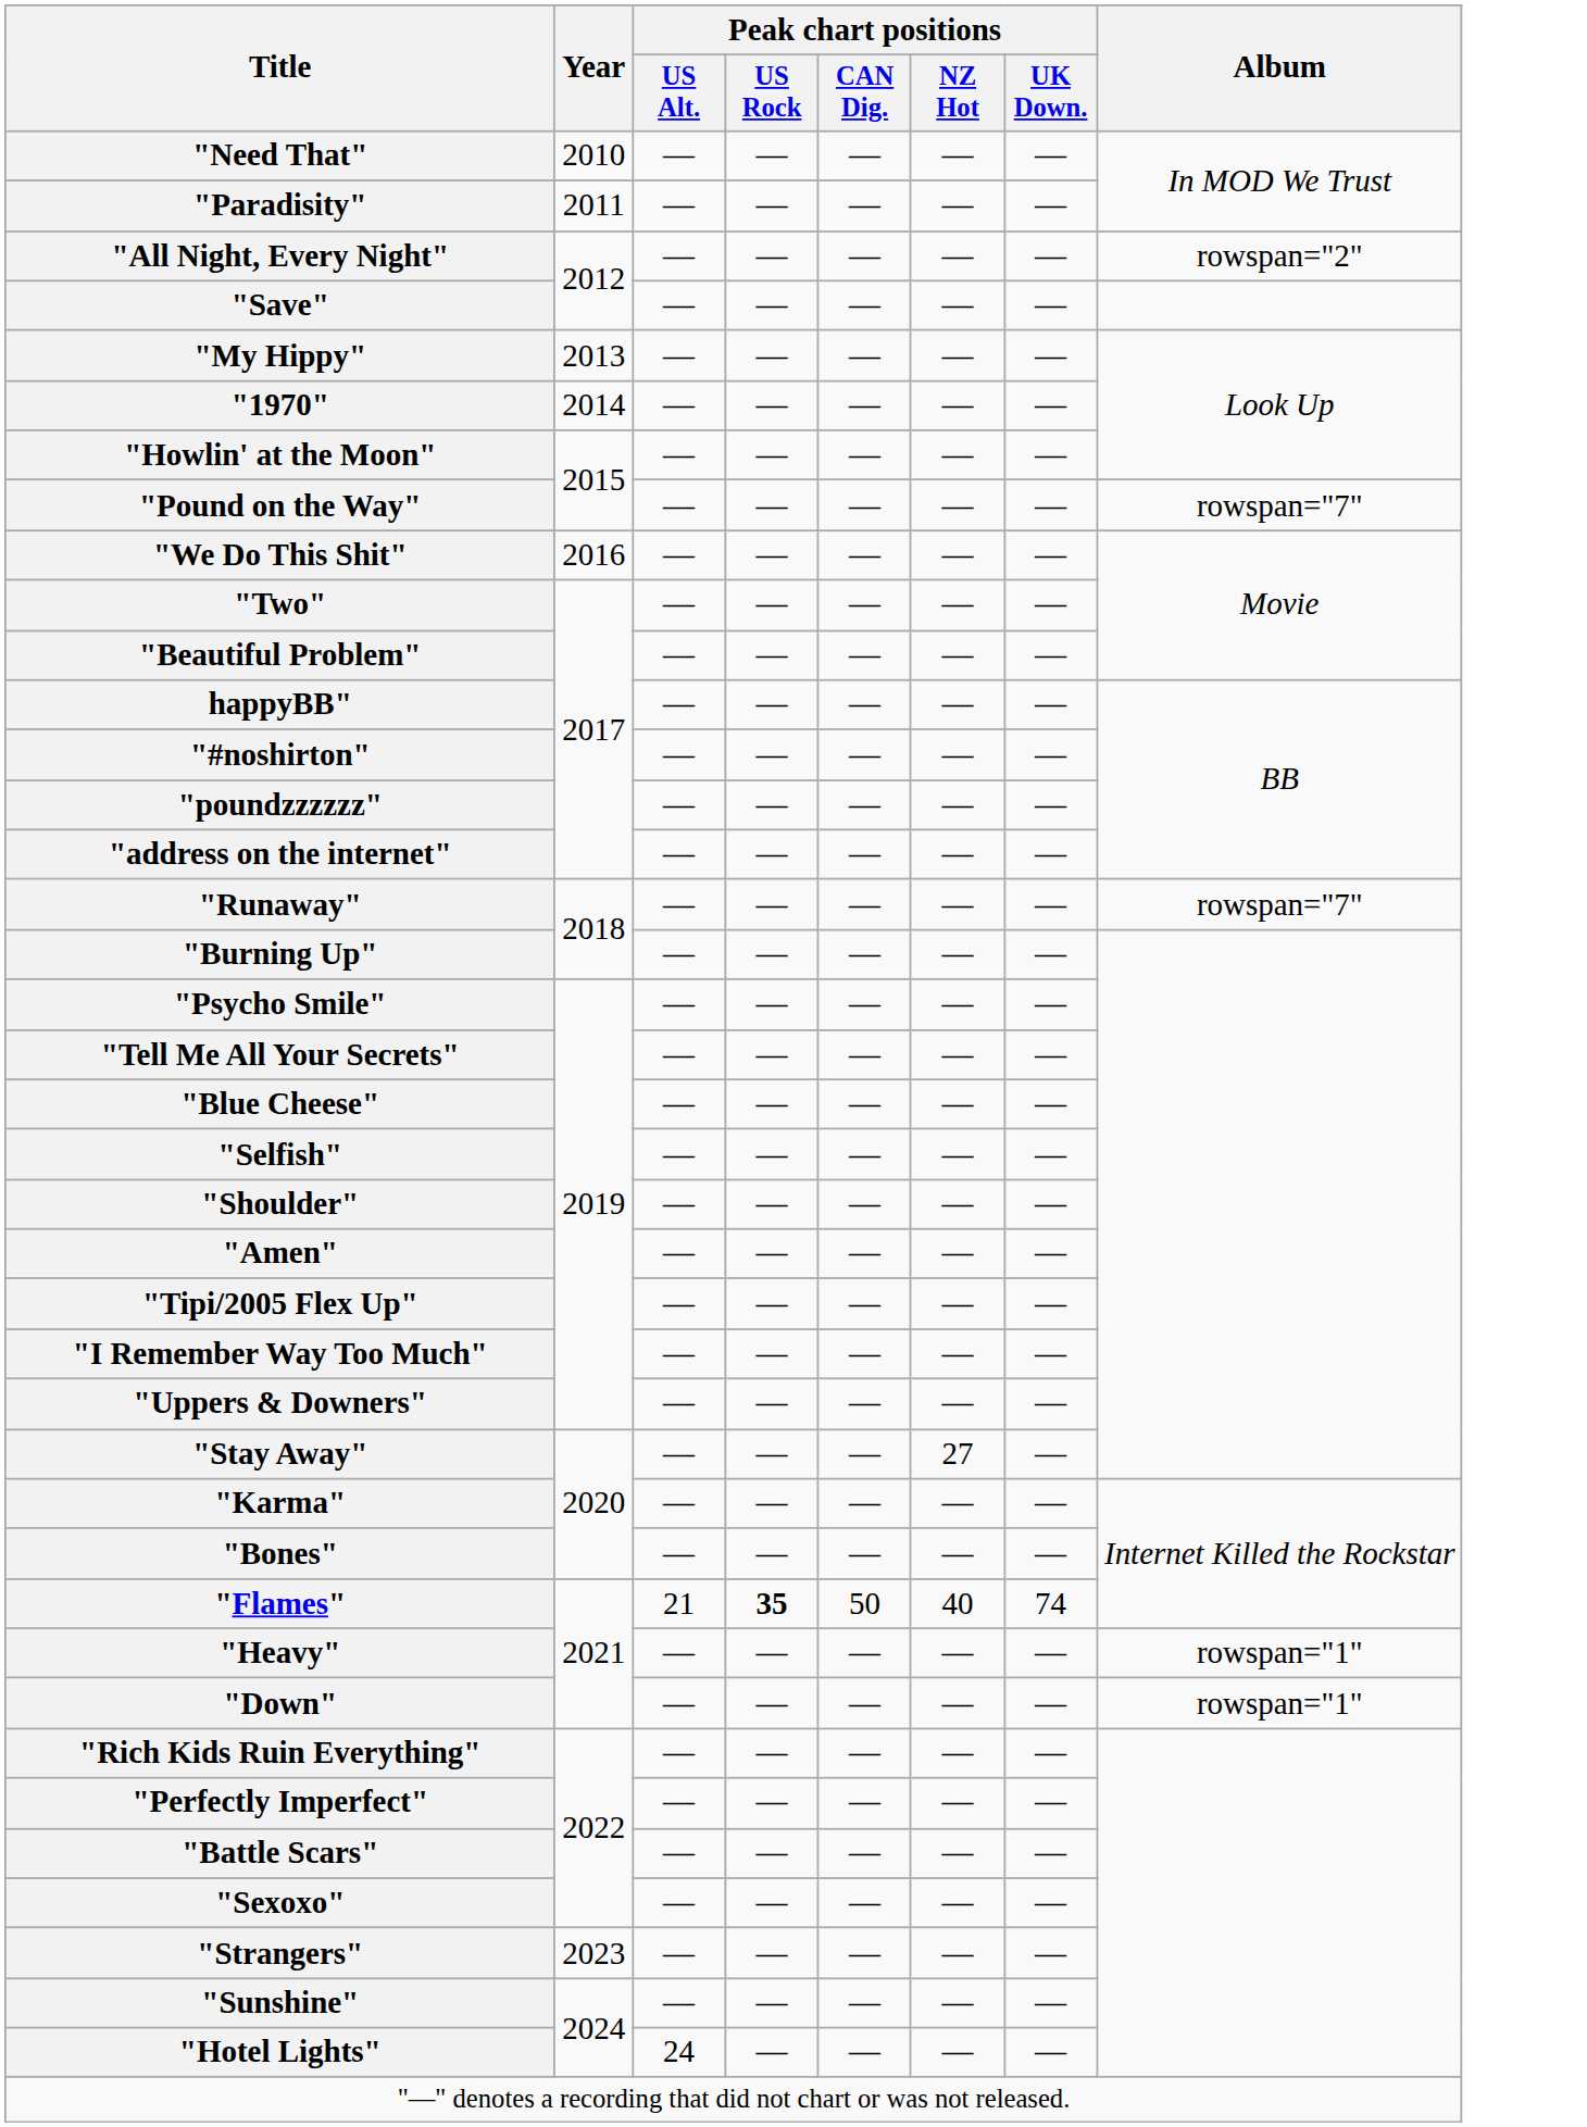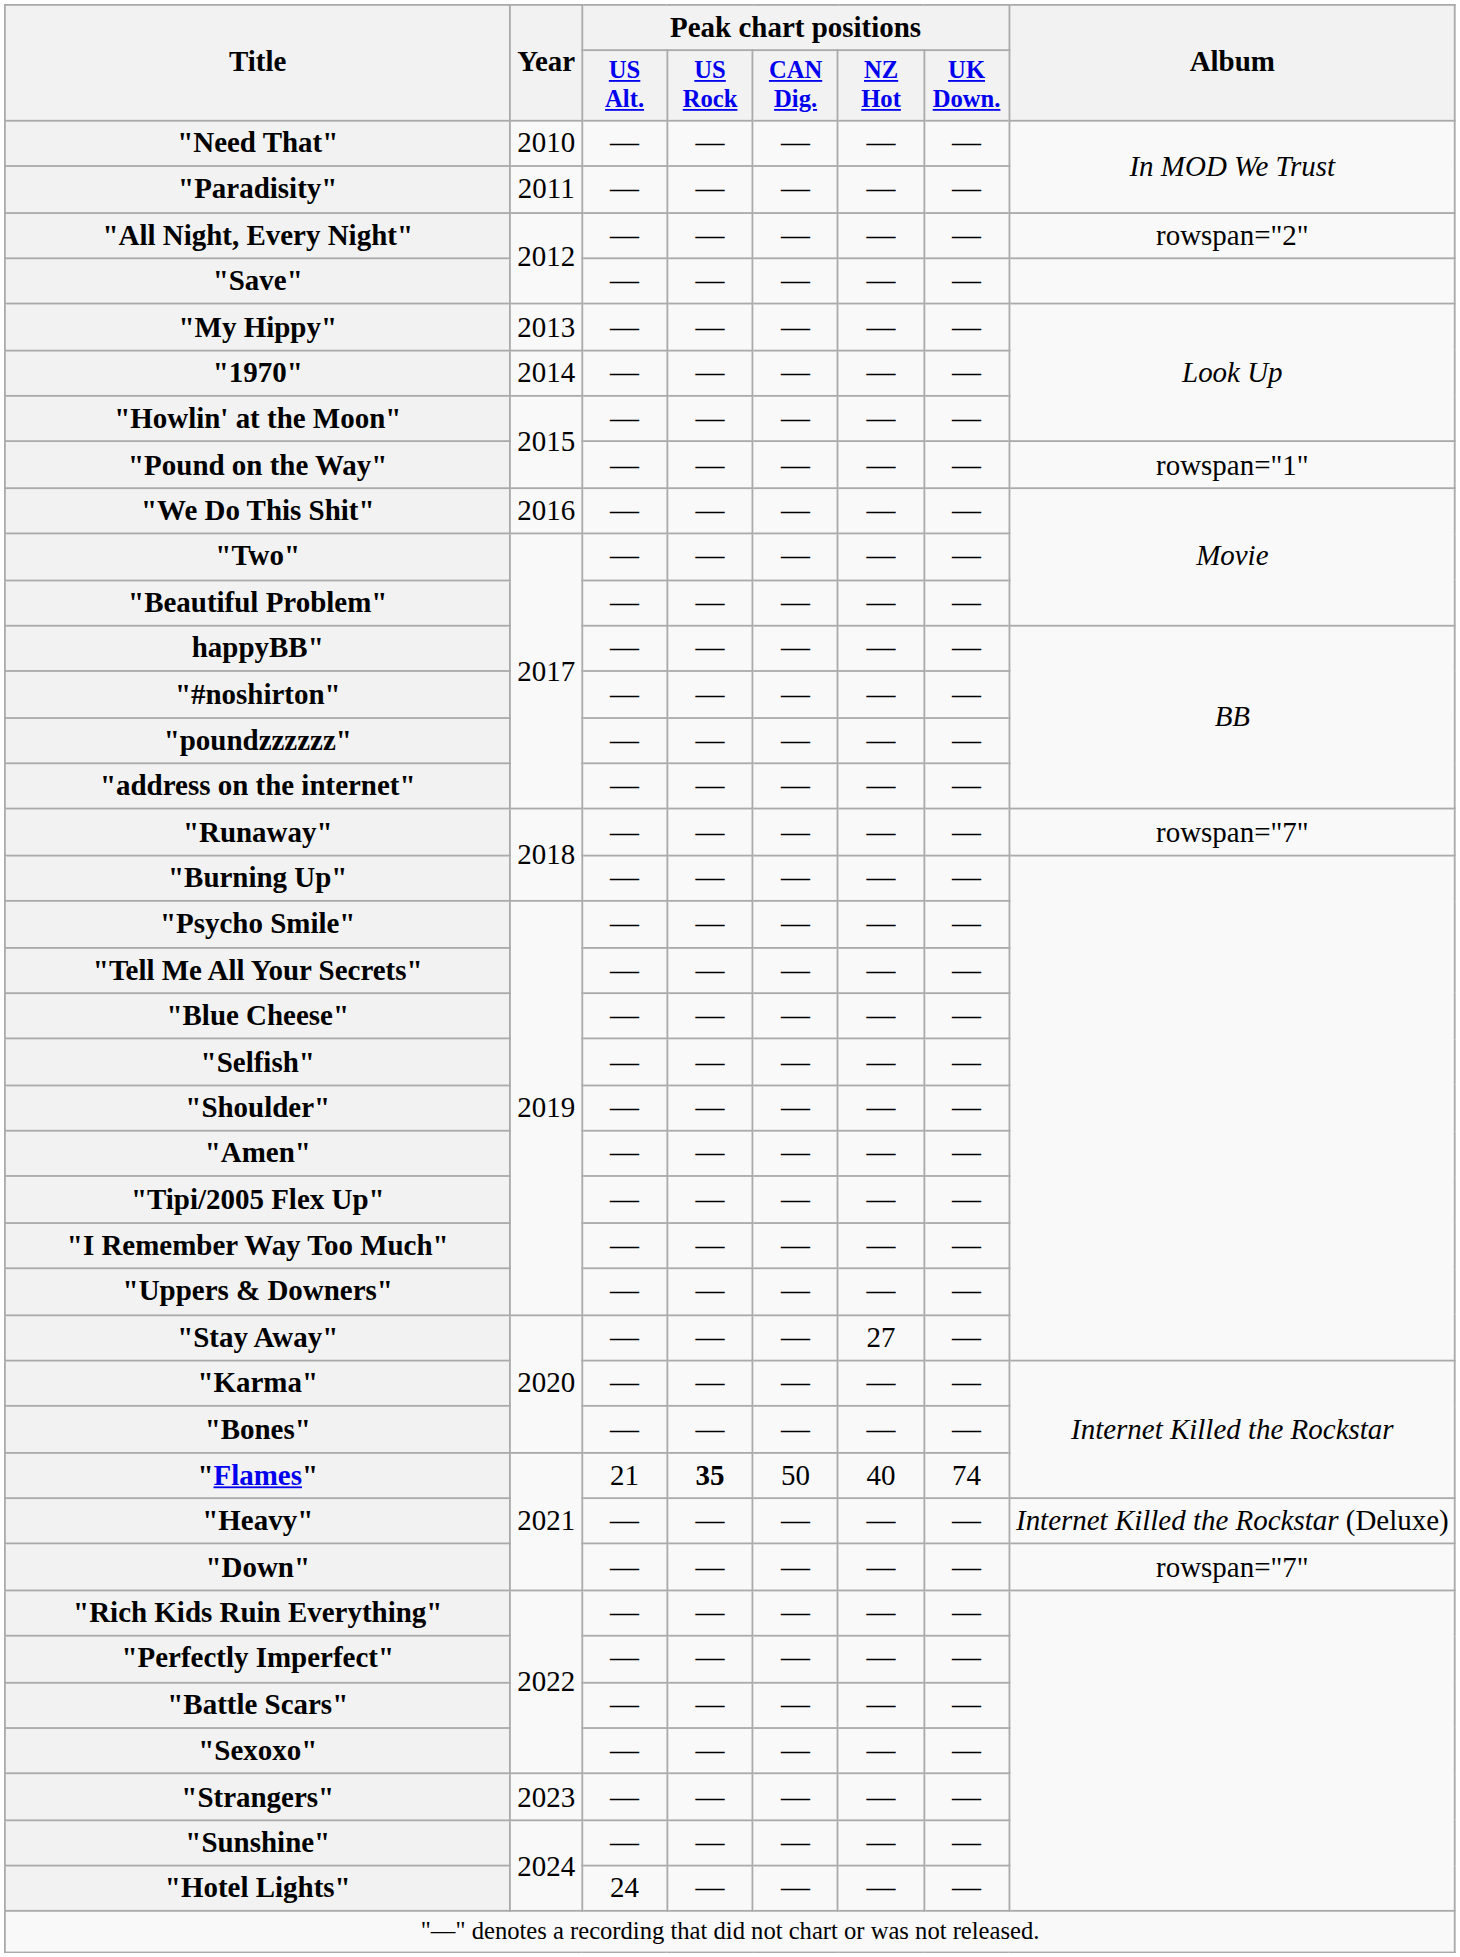 <table class="wikitable plainrowheaders" style="text-align:center;">
 <tr>
 <th scope="col" rowspan="2" style="width:17em;">Title</th>
 <th scope="col" rowspan="2" style="width:1em;">Year</th>
 <th scope="col" colspan="5">Peak chart positions</th>
 <th scope="col" rowspan="2">Album</th>
 </tr>
 <tr>
 <th scope="col" style="width:3em;font-size:85%;"><a href='#'>US<br>Alt.</a><br></th>
 <th scope="col" style="width:3em;font-size:85%;"><a href='#'>US<br>Rock</a><br></th>
 <th scope="col" style="width:3em;font-size:85%;"><a href='#'>CAN<br>Dig.</a><br></th>
 <th scope="col" style="width:3em;font-size:85%;"><a href='#'>NZ<br>Hot</a><br></th>
 <th scope="col" style="width:3em;font-size:85%;"><a href='#'>UK<br>Down.</a><br></th>
 </tr>
 <tr>
 <th scope="row">"Need That"</th>
 <td>2010</td>
 <td>—</td>
 <td>—</td>
 <td>—</td>
 <td>—</td>
 <td>—</td>
 <td rowspan="2"><em>In MOD We Trust</em></td>
 </tr>
 <tr>
 <th scope="row">"Paradisity"</th>
 <td>2011</td>
 <td>—</td>
 <td>—</td>
 <td>—</td>
 <td>—</td>
 <td>—</td>
 </tr>
 <tr>
 <th scope="row">"All Night, Every Night"<br></th>
 <td rowspan="2">2012</td>
 <td>—</td>
 <td>—</td>
 <td>—</td>
 <td>—</td>
 <td>—</td>
 <td>rowspan="2" </td>
 </tr>
 <tr>
 <th scope="row">"Save"<br></th>
 <td>—</td>
 <td>—</td>
 <td>—</td>
 <td>—</td>
 <td>—</td>
 </tr>
 <tr>
 <th scope="row">"My Hippy"</th>
 <td>2013</td>
 <td>—</td>
 <td>—</td>
 <td>—</td>
 <td>—</td>
 <td>—</td>
 <td rowspan="3"><em>Look Up</em></td>
 </tr>
 <tr>
 <th scope="row">"1970"</th>
 <td>2014</td>
 <td>—</td>
 <td>—</td>
 <td>—</td>
 <td>—</td>
 <td>—</td>
 </tr>
 <tr>
 <th scope="row">"Howlin' at the Moon"</th>
 <td rowspan="2">2015</td>
 <td>—</td>
 <td>—</td>
 <td>—</td>
 <td>—</td>
 <td>—</td>
 </tr>
 <tr>
 <th scope="row">"Pound on the Way"</th>
 <td>—</td>
 <td>—</td>
 <td>—</td>
 <td>—</td>
 <td>—</td>
-<td>rowspan="7" </td>
+<td>rowspan="1" </td>
 </tr>
 <tr>
 <th scope="row">"We Do This Shit"<br></th>
 <td>2016</td>
 <td>—</td>
 <td>—</td>
 <td>—</td>
 <td>—</td>
 <td>—</td>
 <td rowspan="3"><em>Movie</em></td>
 </tr>
 <tr>
 <th scope="row">"Two"</th>
 <td rowspan="6">2017</td>
 <td>—</td>
 <td>—</td>
 <td>—</td>
 <td>—</td>
 <td>—</td>
 </tr>
 <tr>
 <th scope="row">"Beautiful Problem"<br></th>
 <td>—</td>
 <td>—</td>
 <td>—</td>
 <td>—</td>
 <td>—</td>
 </tr>
 <tr>
 <th scope="row">happyBB"</th>
 <td>—</td>
 <td>—</td>
 <td>—</td>
 <td>—</td>
 <td>—</td>
 <td rowspan="4"><em>BB</em></td>
 </tr>
 <tr>
 <th scope="row">"#noshirton"</th>
 <td>—</td>
 <td>—</td>
 <td>—</td>
 <td>—</td>
 <td>—</td>
 </tr>
 <tr>
 <th scope="row">"poundzzzzzz"</th>
 <td>—</td>
 <td>—</td>
 <td>—</td>
 <td>—</td>
 <td>—</td>
 </tr>
 <tr>
 <th scope="row">"address on the internet"</th>
 <td>—</td>
 <td>—</td>
 <td>—</td>
 <td>—</td>
 <td>—</td>
 </tr>
 <tr>
 <th scope="row">"Runaway"</th>
 <td rowspan="2">2018</td>
 <td>—</td>
 <td>—</td>
 <td>—</td>
 <td>—</td>
 <td>—</td>
 <td>rowspan="7" </td>
 </tr>
 <tr>
 <th scope="row">"Burning Up"</th>
 <td>—</td>
 <td>—</td>
 <td>—</td>
 <td>—</td>
 <td>—</td>
 </tr>
 <tr>
 <th scope="row">"Psycho Smile"</th>
 <td rowspan="9">2019</td>
 <td>—</td>
 <td>—</td>
 <td>—</td>
 <td>—</td>
 <td>—</td>
 </tr>
 <tr>
 <th scope="row">"Tell Me All Your Secrets"</th>
 <td>—</td>
 <td>—</td>
 <td>—</td>
 <td>—</td>
 <td>—</td>
 </tr>
 <tr>
 <th scope="row">"Blue Cheese"</th>
 <td>—</td>
 <td>—</td>
 <td>—</td>
 <td>—</td>
 <td>—</td>
 </tr>
 <tr>
 <th scope="row">"Selfish"</th>
 <td>—</td>
 <td>—</td>
 <td>—</td>
 <td>—</td>
 <td>—</td>
 </tr>
 <tr>
 <th scope="row">"Shoulder"</th>
 <td>—</td>
 <td>—</td>
 <td>—</td>
 <td>—</td>
 <td>—</td>
 </tr>
 <tr>
 <th scope="row">"Amen"</th>
 <td>—</td>
 <td>—</td>
 <td>—</td>
 <td>—</td>
 <td>—</td>
 </tr>
 <tr>
 <th scope="row">"Tipi/2005 Flex Up"</th>
 <td>—</td>
 <td>—</td>
 <td>—</td>
 <td>—</td>
 <td>—</td>
 </tr>
 <tr>
 <th scope="row">"I Remember Way Too Much"</th>
 <td>—</td>
 <td>—</td>
 <td>—</td>
 <td>—</td>
 <td>—</td>
 </tr>
 <tr>
 <th scope="row">"Uppers & Downers"</th>
 <td>—</td>
 <td>—</td>
 <td>—</td>
 <td>—</td>
 <td>—</td>
 </tr>
 <tr>
 <th scope="row">"Stay Away" <br></th>
 <td rowspan="3">2020</td>
 <td>—</td>
 <td>—</td>
 <td>—</td>
 <td>27<br></td>
 <td>—</td>
 </tr>
 <tr>
 <th scope="row">"Karma"</th>
 <td>—</td>
 <td>—</td>
 <td>—</td>
 <td>—</td>
 <td>—</td>
 <td rowspan="3"><em>Internet Killed the Rockstar</em></td>
 </tr>
 <tr>
 <th scope="row">"Bones"</th>
 <td>—</td>
 <td>—</td>
 <td>—</td>
 <td>—</td>
 <td>—</td>
 </tr>
 <tr>
 <th scope="row">"<a href='#'>Flames</a>"<br></th>
 <td rowspan="3">2021</td>
 <td>21</td>
 <td><strong>35</strong></td>
 <td>50</td>
 <td>40</td>
 <td>74</td>
 </tr>
 <tr>
 <th scope="row">"Heavy"<br></th>
 <td>—</td>
 <td>—</td>
 <td>—</td>
 <td>—</td>
 <td>—</td>
-<td>rowspan="1" </td>
+<td rowspan="1"><em>Internet Killed the Rockstar</em> (Deluxe)</td>
 </tr>
 <tr>
 <th scope="row">"Down" <br></th>
 <td>—</td>
 <td>—</td>
 <td>—</td>
 <td>—</td>
 <td>—</td>
-<td>rowspan="1" </td>
+<td>rowspan="7" </td>
 </tr>
 <tr>
 <th scope="row">"Rich Kids Ruin Everything"</th>
 <td rowspan="4">2022</td>
 <td>—</td>
 <td>—</td>
 <td>—</td>
 <td>—</td>
 <td>—</td>
 </tr>
 <tr>
 <th scope="row">"Perfectly Imperfect"</th>
 <td>—</td>
 <td>—</td>
 <td>—</td>
 <td>—</td>
 <td>—</td>
 </tr>
 <tr>
 <th scope="row">"Battle Scars"</th>
 <td>—</td>
 <td>—</td>
 <td>—</td>
 <td>—</td>
 <td>—</td>
 </tr>
 <tr>
 <th scope="row">"Sexoxo" <br></th>
 <td>—</td>
 <td>—</td>
 <td>—</td>
 <td>—</td>
 <td>—</td>
 </tr>
 <tr>
 <th scope="row">"Strangers"</th>
 <td>2023</td>
 <td>—</td>
 <td>—</td>
 <td>—</td>
 <td>—</td>
 <td>—</td>
 </tr>
 <tr>
 <th scope="row">"Sunshine"</th>
 <td rowspan="2">2024</td>
 <td>—</td>
 <td>—</td>
 <td>—</td>
 <td>—</td>
 <td>—</td>
 </tr>
 <tr>
 <th scope="row">"Hotel Lights"</th>
 <td>24</td>
 <td>—</td>
 <td>—</td>
 <td>—</td>
 <td>—</td>
 </tr>
 <tr>
 <td style="font-size:85%;" colspan="22">"—" denotes a recording that did not chart or was not released.</td>
 </tr>
 </table>
